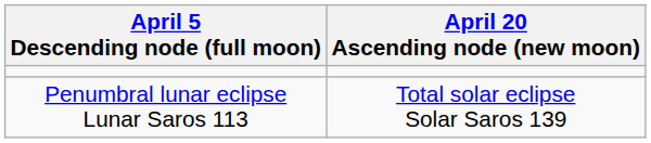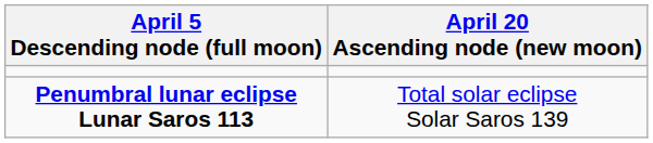 <table class="wikitable">
 <tr>
 <th><a href='#'>April 5</a><br>Descending node (full moon)<br></th>
 <th><a href='#'>April 20</a><br>Ascending node (new moon)<br></th>
 </tr>
 <tr>
 <td></td>
 <td></td>
 </tr>
 <tr align=center>
-<td><a href='#'>Penumbral lunar eclipse</a><br>Lunar Saros 113</td>
+<td><strong><a href='#'>Penumbral lunar eclipse</a><br>Lunar Saros 113</strong></td>
 <td><a href='#'>Total solar eclipse</a><br>Solar Saros 139</td>
 </tr>
 </table>
